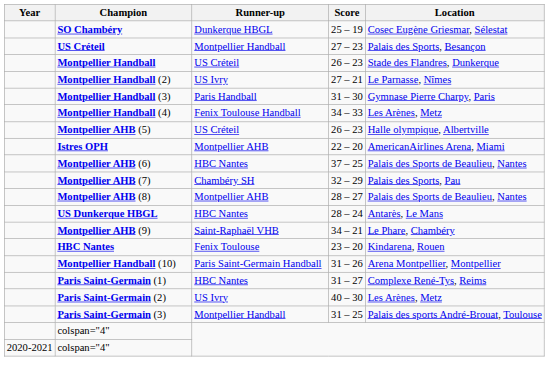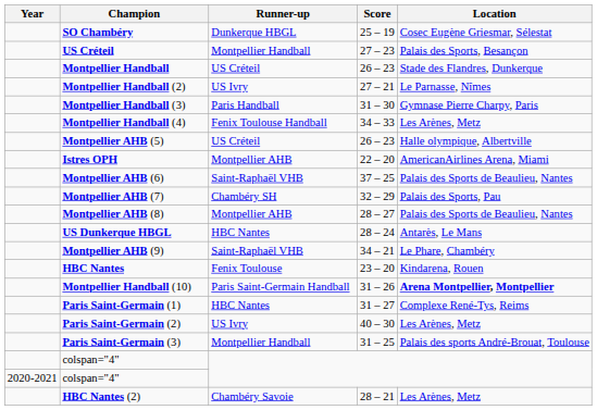 <table class="sortable wikitable">
 <tr>
 <th>Year</th>
 <th width=200>Champion</th>
 <th width=200>Runner-up</th>
 <th>Score</th>
 <th>Location</th>
 </tr>
 <tr>
 <td align=center></td>
 <td><strong><a href='#'>SO Chambéry</a></strong></td>
 <td><a href='#'>Dunkerque HBGL</a></td>
 <td align=center>25 – 19</td>
 <td><a href='#'>Cosec Eugène Griesmar</a>, <a href='#'>Sélestat</a></td>
 </tr>
 <tr>
 <td align=center></td>
 <td><strong><a href='#'>US Créteil</a></strong></td>
 <td><a href='#'>Montpellier Handball</a></td>
 <td align=center>27 – 23</td>
 <td><a href='#'>Palais des Sports</a>, <a href='#'>Besançon</a></td>
 </tr>
 <tr>
 <td align=center></td>
 <td><strong><a href='#'>Montpellier Handball</a></strong></td>
 <td><a href='#'>US Créteil</a></td>
 <td align=center>26 – 23</td>
 <td><a href='#'>Stade des Flandres</a>, <a href='#'>Dunkerque</a></td>
 </tr>
 <tr>
 <td align=center></td>
 <td><strong><a href='#'>Montpellier Handball</a></strong> (2)</td>
 <td><a href='#'>US Ivry</a></td>
 <td align=center>27 – 21</td>
 <td><a href='#'>Le Parnasse</a>, <a href='#'>Nîmes</a></td>
 </tr>
 <tr>
 <td align=center></td>
 <td><strong><a href='#'>Montpellier Handball</a></strong> (3)</td>
 <td><a href='#'>Paris Handball</a></td>
 <td align=center>31 – 30</td>
 <td><a href='#'>Gymnase Pierre Charpy</a>, <a href='#'>Paris</a></td>
 </tr>
 <tr>
 <td align=center></td>
 <td><strong><a href='#'>Montpellier Handball</a></strong> (4)</td>
 <td><a href='#'>Fenix Toulouse Handball</a></td>
 <td align=center>34 – 33</td>
 <td><a href='#'>Les Arènes</a>, <a href='#'>Metz</a></td>
 </tr>
 <tr>
 <td align=center></td>
 <td><strong><a href='#'>Montpellier AHB</a></strong> (5)</td>
 <td><a href='#'>US Créteil</a></td>
 <td align=center>26 – 23</td>
 <td><a href='#'>Halle olympique</a>, <a href='#'>Albertville</a></td>
 </tr>
 <tr>
 <td align=center></td>
 <td><strong><a href='#'>Istres OPH</a></strong></td>
 <td><a href='#'>Montpellier AHB</a></td>
 <td align=center>22 – 20</td>
 <td><a href='#'>AmericanAirlines Arena</a>, <a href='#'>Miami</a> </td>
 </tr>
 <tr>
 <td align=center></td>
 <td><strong><a href='#'>Montpellier AHB</a></strong> (6)</td>
-<td><a href='#'>HBC Nantes</a></td>
+<td><a href='#'>Saint-Raphaël VHB</a></td>
 <td align=center>37 – 25</td>
 <td><a href='#'>Palais des Sports de Beaulieu</a>, <a href='#'>Nantes</a></td>
 </tr>
 <tr>
 <td align=center></td>
 <td><strong><a href='#'>Montpellier AHB</a></strong> (7)</td>
 <td><a href='#'>Chambéry SH</a></td>
 <td align=center>32 – 29</td>
 <td><a href='#'>Palais des Sports</a>, <a href='#'>Pau</a></td>
 </tr>
 <tr>
 <td align=center></td>
 <td><strong><a href='#'>Montpellier AHB</a></strong> (8)</td>
 <td><a href='#'>Montpellier AHB</a></td>
 <td align=center>28 – 27</td>
 <td><a href='#'>Palais des Sports de Beaulieu</a>, <a href='#'>Nantes</a></td>
 </tr>
 <tr>
 <td align=center></td>
 <td><strong><a href='#'>US Dunkerque HBGL</a></strong></td>
 <td><a href='#'>HBC Nantes</a></td>
 <td align=center>28 – 24</td>
 <td><a href='#'>Antarès</a>, <a href='#'>Le Mans</a></td>
 </tr>
 <tr>
 <td align=center></td>
 <td><strong><a href='#'>Montpellier AHB</a></strong> (9)</td>
 <td><a href='#'>Saint-Raphaël VHB</a></td>
 <td align=center>34 – 21</td>
 <td><a href='#'>Le Phare</a>, <a href='#'>Chambéry</a></td>
 </tr>
 <tr>
 <td align=center></td>
 <td><strong><a href='#'>HBC Nantes</a></strong></td>
 <td><a href='#'>Fenix Toulouse</a></td>
 <td align=center>23 – 20</td>
 <td><a href='#'>Kindarena</a>, <a href='#'>Rouen</a></td>
 </tr>
 <tr>
 <td align=center></td>
 <td><strong><a href='#'>Montpellier Handball</a></strong> (10)</td>
 <td><a href='#'>Paris Saint-Germain Handball</a></td>
 <td align=center>31 – 26</td>
-<td><a href='#'>Arena Montpellier</a>, <a href='#'>Montpellier</a></td>
+<td><strong><a href='#'>Arena Montpellier</a>, <a href='#'>Montpellier</a></strong></td>
 </tr>
 <tr>
 <td align=center></td>
 <td><strong><a href='#'>Paris Saint-Germain</a></strong> (1)</td>
 <td><a href='#'>HBC Nantes</a></td>
 <td align=center>31 – 27</td>
 <td><a href='#'>Complexe René-Tys</a>, <a href='#'>Reims</a></td>
 </tr>
 <tr>
 <td align=center></td>
 <td><strong><a href='#'>Paris Saint-Germain</a></strong> (2)</td>
 <td><a href='#'>US Ivry</a></td>
 <td align=center>40 – 30</td>
 <td><a href='#'>Les Arènes</a>, <a href='#'>Metz</a></td>
 </tr>
 <tr>
 <td align=center></td>
 <td><strong><a href='#'>Paris Saint-Germain</a></strong> (3)</td>
 <td><a href='#'>Montpellier Handball</a></td>
 <td align=center>31 – 25</td>
 <td><a href='#'>Palais des sports André-Brouat</a>, <a href='#'>Toulouse</a></td>
 </tr>
 <tr>
 <td align=center></td>
 <td>colspan="4" </td>
 </tr>
 <tr>
 <td align=center>2020-2021</td>
 <td>colspan="4" </td>
 </tr>
+<tr>
+<td align=center></td>
+<td><strong><a href='#'>HBC Nantes</a></strong> (2)</td>
+<td><a href='#'>Chambéry Savoie</a></td>
+<td align=center>28 – 21</td>
+<td><a href='#'>Les Arènes</a>, <a href='#'>Metz</a></td>
+</tr>
 </table>
